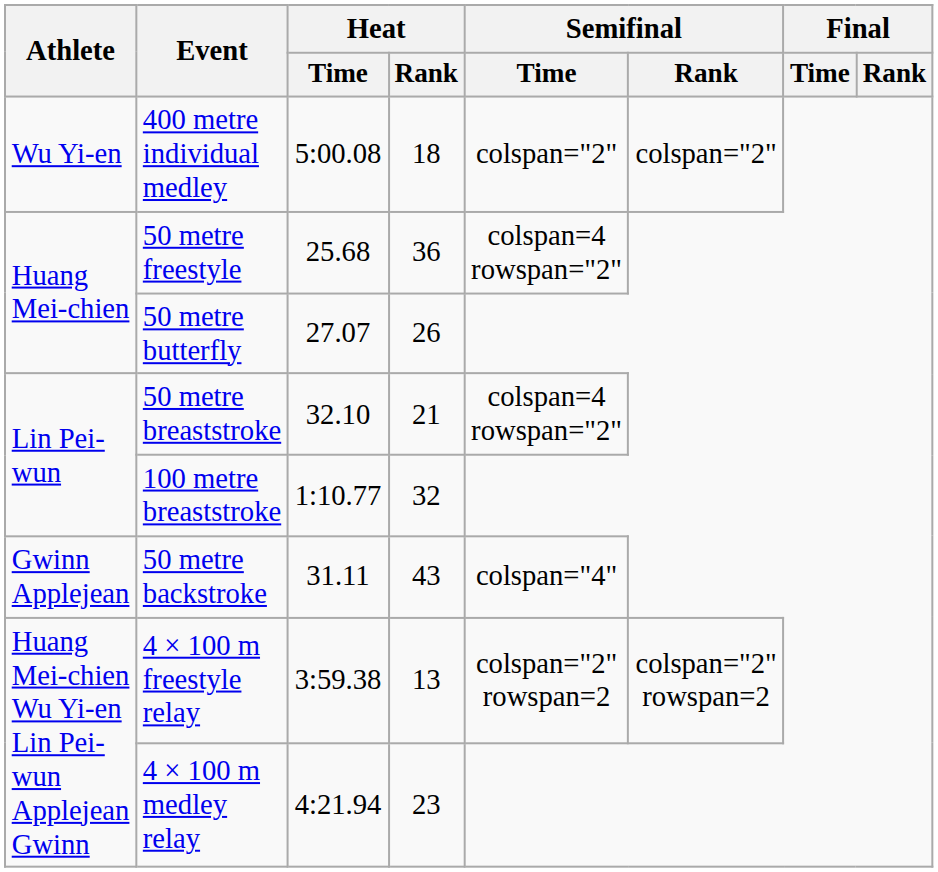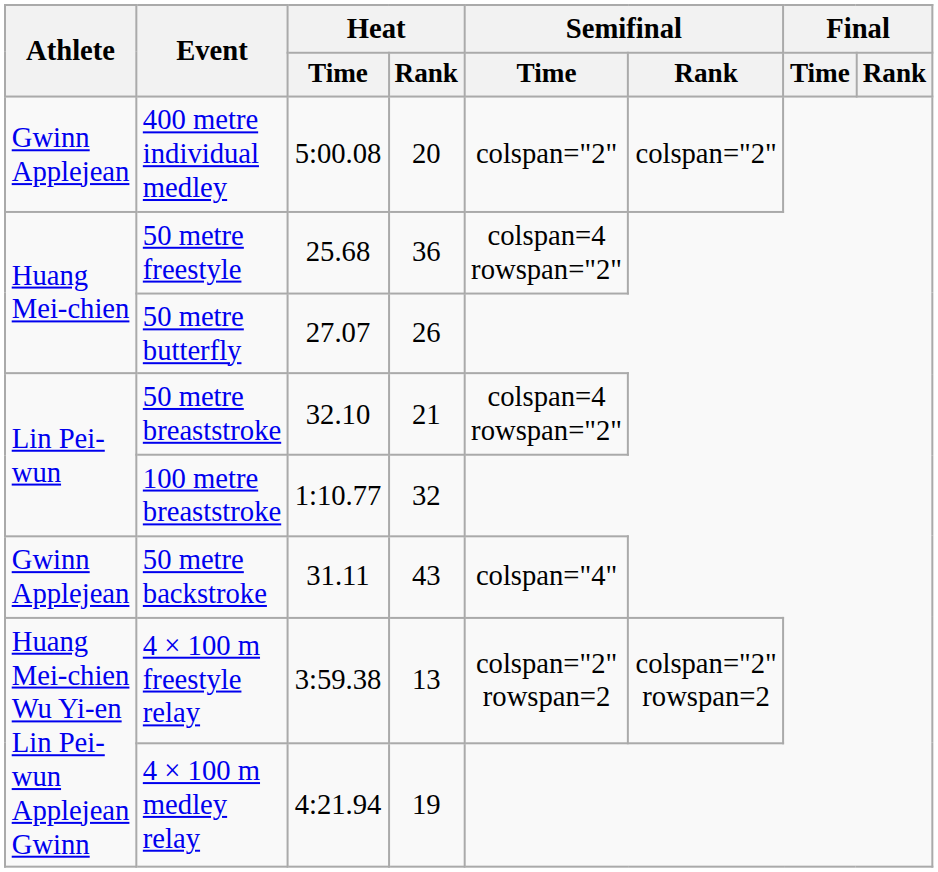 <table class="wikitable" style="text-align:center; font-size:90%; width:50%;">
 <tr>
 <th rowspan="2">Athlete</th>
 <th rowspan="2">Event</th>
 <th colspan="2">Heat</th>
 <th colspan="2">Semifinal</th>
 <th colspan="2">Final</th>
 </tr>
 <tr style="font-size:95%">
 <th>Time</th>
 <th>Rank</th>
 <th>Time</th>
 <th>Rank</th>
 <th>Time</th>
 <th>Rank</th>
 </tr>
 <tr align=center>
-<td align=left><a href='#'>Wu Yi-en</a></td>
+<td align=left><a href='#'>Gwinn Applejean</a></td>
 <td align=left><a href='#'>400 metre individual medley</a></td>
 <td>5:00.08</td>
-<td>18</td>
+<td>20</td>
 <td>colspan="2" </td>
 <td>colspan="2" </td>
 </tr>
 <tr align=center>
 <td align=left rowspan=2><a href='#'>Huang Mei-chien</a></td>
 <td align=left><a href='#'>50 metre freestyle</a></td>
 <td>25.68</td>
 <td>36</td>
 <td>colspan=4 rowspan="2"</td>
 </tr>
 <tr align=center>
 <td align=left><a href='#'>50 metre butterfly</a></td>
 <td>27.07</td>
 <td>26</td>
 </tr>
 <tr align=center>
 <td align=left rowspan=2><a href='#'>Lin Pei-wun</a></td>
 <td align=left><a href='#'>50 metre breaststroke</a></td>
 <td>32.10</td>
 <td>21</td>
 <td>colspan=4 rowspan="2"</td>
 </tr>
 <tr align=center>
 <td align=left><a href='#'>100 metre breaststroke</a></td>
 <td>1:10.77</td>
 <td>32</td>
 </tr>
 <tr align=center>
 <td align=left><a href='#'>Gwinn Applejean</a></td>
 <td align=left><a href='#'>50 metre backstroke</a></td>
 <td>31.11</td>
 <td>43</td>
 <td>colspan="4" </td>
 </tr>
 <tr>
 <td align=left rowspan="2"><a href='#'>Huang Mei-chien</a> <br><a href='#'>Wu Yi-en</a>  <br><a href='#'>Lin Pei-wun</a> <br><a href='#'>Applejean Gwinn</a></td>
 <td align=left><a href='#'>4 × 100 m freestyle  relay</a></td>
 <td>3:59.38</td>
 <td>13</td>
 <td>colspan="2" rowspan=2  </td>
 <td>colspan="2" rowspan=2 </td>
 </tr>
 <tr>
 <td align=left><a href='#'>4 × 100 m medley relay</a></td>
 <td>4:21.94</td>
-<td>23</td>
+<td>19</td>
 </tr>
 </table>
